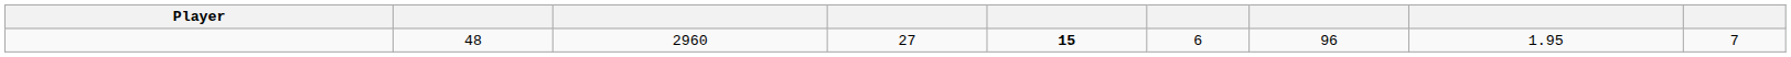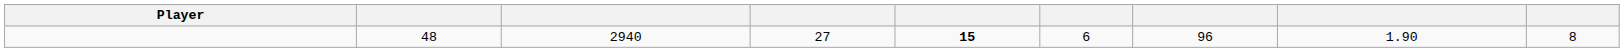 <table class="wikitable sortable" style="width:100%;">
 <tr style="text-align:center; background:#ddd;">
 <th>Player</th>
 <th></th>
 <th></th>
 <th></th>
 <th></th>
 <th></th>
 <th></th>
 <th></th>
 <th></th>
 </tr>
 <tr align=center>
 <td></td>
 <td>48</td>
-<td>2960</td>
+<td>2940</td>
 <td>27</td>
 <td><strong>15</strong></td>
 <td>6</td>
 <td>96</td>
-<td>1.95</td>
-<td>7</td>
+<td>1.90</td>
+<td>8</td>
 </tr>
 </table>
